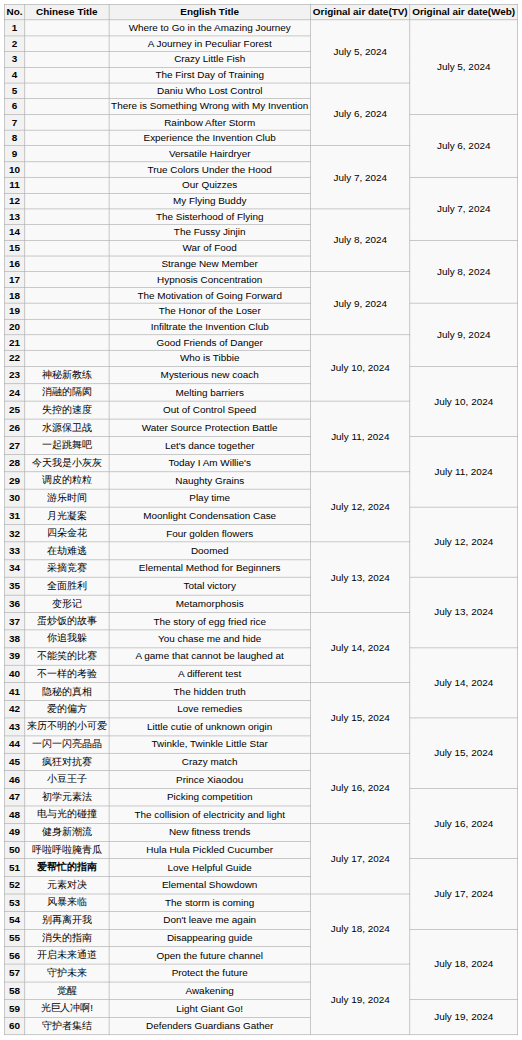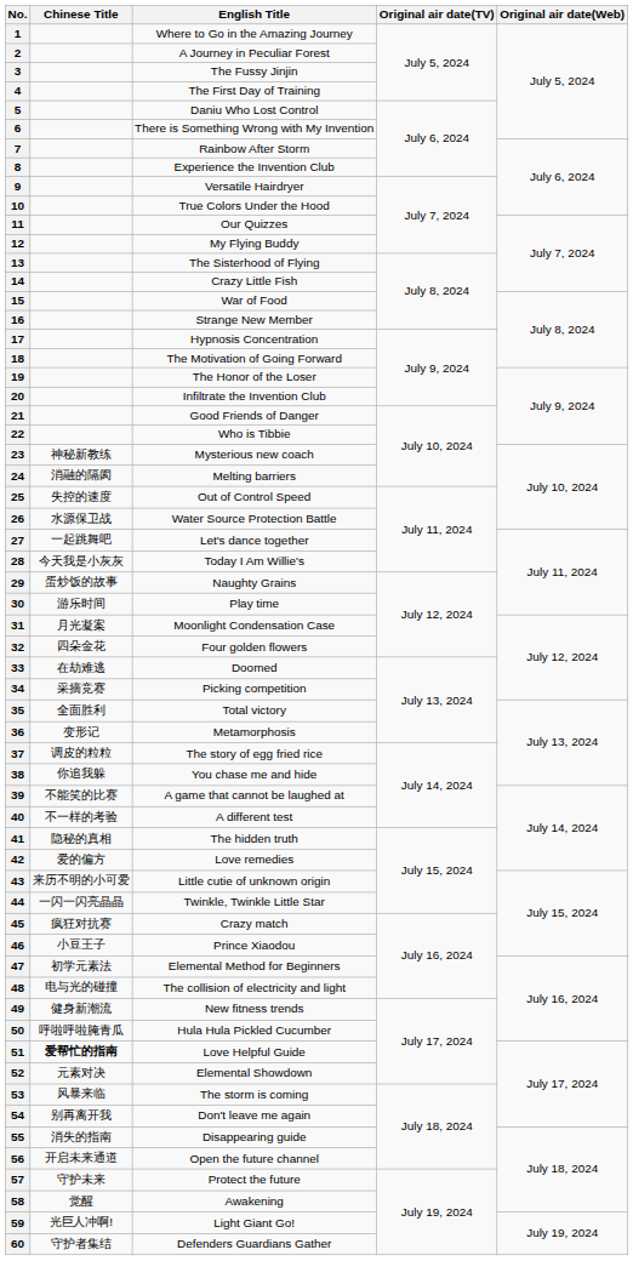 <table class="wikitable" style="text-align:center;">
 <tr>
 <th>No.</th>
 <th>Chinese Title</th>
 <th>English Title</th>
 <th>Original air date(TV)</th>
 <th>Original air date(Web)</th>
 </tr>
 <tr>
 <th>1</th>
 <td></td>
 <td>Where to Go in the Amazing Journey</td>
 <td rowspan="4">July 5, 2024</td>
 <td rowspan="6">July 5, 2024</td>
 </tr>
 <tr>
 <th>2</th>
 <td></td>
 <td>A Journey in Peculiar Forest</td>
 </tr>
 <tr>
 <th>3</th>
 <td></td>
-<td>Crazy Little Fish</td>
+<td>The Fussy Jinjin</td>
 </tr>
 <tr>
 <th>4</th>
 <td></td>
 <td>The First Day of Training</td>
 </tr>
 <tr>
 <th>5</th>
 <td></td>
 <td>Daniu Who Lost Control</td>
 <td rowspan="4">July 6, 2024</td>
 </tr>
 <tr>
 <th>6</th>
 <td></td>
 <td>There is Something Wrong with My Invention</td>
 </tr>
 <tr>
 <th>7</th>
 <td></td>
 <td>Rainbow After Storm</td>
 <td rowspan="4">July 6, 2024</td>
 </tr>
 <tr>
 <th>8</th>
 <td></td>
 <td>Experience the Invention Club</td>
 </tr>
 <tr>
 <th>9</th>
 <td></td>
 <td>Versatile Hairdryer</td>
 <td rowspan="4">July 7, 2024</td>
 </tr>
 <tr>
 <th>10</th>
 <td></td>
 <td>True Colors Under the Hood</td>
 </tr>
 <tr>
 <th>11</th>
 <td></td>
 <td>Our Quizzes</td>
 <td rowspan="4">July 7, 2024</td>
 </tr>
 <tr>
 <th>12</th>
 <td></td>
 <td>My Flying Buddy</td>
 </tr>
 <tr>
 <th>13</th>
 <td></td>
 <td>The Sisterhood of Flying</td>
 <td rowspan="4">July 8, 2024</td>
 </tr>
 <tr>
 <th>14</th>
 <td></td>
-<td>The Fussy Jinjin</td>
+<td>Crazy Little Fish</td>
 </tr>
 <tr>
 <th>15</th>
 <td></td>
 <td>War of Food</td>
 <td rowspan="4">July 8, 2024</td>
 </tr>
 <tr>
 <th>16</th>
 <td></td>
 <td>Strange New Member</td>
 </tr>
 <tr>
 <th>17</th>
 <td></td>
 <td>Hypnosis Concentration</td>
 <td rowspan="4">July 9, 2024</td>
 </tr>
 <tr>
 <th>18</th>
 <td></td>
 <td>The Motivation of Going Forward</td>
 </tr>
 <tr>
 <th>19</th>
 <td></td>
 <td>The Honor of the Loser</td>
 <td rowspan="4">July 9, 2024</td>
 </tr>
 <tr>
 <th>20</th>
 <td></td>
 <td>Infiltrate the Invention Club</td>
 </tr>
 <tr>
 <th>21</th>
 <td></td>
 <td>Good Friends of Danger</td>
 <td rowspan="4">July 10, 2024</td>
 </tr>
 <tr>
 <th>22</th>
 <td></td>
 <td>Who is Tibbie</td>
 </tr>
 <tr>
 <th>23</th>
 <td>神秘新教练</td>
 <td>Mysterious new coach</td>
 <td rowspan="4">July 10, 2024</td>
 </tr>
 <tr>
 <th>24</th>
 <td>消融的隔阂</td>
 <td>Melting barriers</td>
 </tr>
 <tr>
 <th>25</th>
 <td>失控的速度</td>
 <td>Out of Control Speed</td>
 <td rowspan="4">July 11, 2024</td>
 </tr>
 <tr>
 <th>26</th>
 <td>水源保卫战</td>
 <td>Water Source Protection Battle</td>
 </tr>
 <tr>
 <th>27</th>
 <td>一起跳舞吧</td>
 <td>Let's dance together</td>
 <td rowspan="4">July 11, 2024</td>
 </tr>
 <tr>
 <th>28</th>
 <td>今天我是小灰灰</td>
 <td>Today I Am Willie's</td>
 </tr>
 <tr>
 <th>29</th>
-<td>调皮的粒粒</td>
+<td>蛋炒饭的故事</td>
 <td>Naughty Grains</td>
 <td rowspan="4">July 12, 2024</td>
 </tr>
 <tr>
 <th>30</th>
 <td>游乐时间</td>
 <td>Play time</td>
 </tr>
 <tr>
 <th>31</th>
 <td>月光凝案</td>
 <td>Moonlight Condensation Case</td>
 <td rowspan="4">July 12, 2024</td>
 </tr>
 <tr>
 <th>32</th>
 <td>四朵金花</td>
 <td>Four golden flowers</td>
 </tr>
 <tr>
 <th>33</th>
 <td>在劫难逃</td>
 <td>Doomed</td>
 <td rowspan="4">July 13, 2024</td>
 </tr>
 <tr>
 <th>34</th>
 <td>采摘竞赛</td>
-<td>Elemental Method for Beginners</td>
+<td>Picking competition</td>
 </tr>
 <tr>
 <th>35</th>
 <td>全面胜利</td>
 <td>Total victory</td>
 <td rowspan="4">July 13, 2024</td>
 </tr>
 <tr>
 <th>36</th>
 <td>变形记</td>
 <td>Metamorphosis</td>
 </tr>
 <tr>
 <th>37</th>
-<td>蛋炒饭的故事</td>
+<td>调皮的粒粒</td>
 <td>The story of egg fried rice</td>
 <td rowspan="4">July 14, 2024</td>
 </tr>
 <tr>
 <th>38</th>
 <td>你追我躲</td>
 <td>You chase me and hide</td>
 </tr>
 <tr>
 <th>39</th>
 <td>不能笑的比赛</td>
 <td>A game that cannot be laughed at</td>
 <td rowspan="4">July 14, 2024</td>
 </tr>
 <tr>
 <th>40</th>
 <td>不一样的考验</td>
 <td>A different test</td>
 </tr>
 <tr>
 <th>41</th>
 <td>隐秘的真相</td>
 <td>The hidden truth</td>
 <td rowspan="4">July 15, 2024</td>
 </tr>
 <tr>
 <th>42</th>
 <td>爱的偏方</td>
 <td>Love remedies</td>
 </tr>
 <tr>
 <th>43</th>
 <td>来历不明的小可爱</td>
 <td>Little cutie of unknown origin</td>
 <td rowspan="4">July 15, 2024</td>
 </tr>
 <tr>
 <th>44</th>
 <td>一闪一闪亮晶晶</td>
 <td>Twinkle, Twinkle Little Star</td>
 </tr>
 <tr>
 <th>45</th>
 <td>疯狂对抗赛</td>
 <td>Crazy match</td>
 <td rowspan="4">July 16, 2024</td>
 </tr>
 <tr>
 <th>46</th>
 <td>小豆王子</td>
 <td>Prince Xiaodou</td>
 </tr>
 <tr>
 <th>47</th>
 <td>初学元素法</td>
-<td>Picking competition</td>
+<td>Elemental Method for Beginners</td>
 <td rowspan="4">July 16, 2024</td>
 </tr>
 <tr>
 <th>48</th>
 <td>电与光的碰撞</td>
 <td>The collision of electricity and light</td>
 </tr>
 <tr>
 <th>49</th>
 <td>健身新潮流</td>
 <td>New fitness trends</td>
 <td rowspan="4">July 17, 2024</td>
 </tr>
 <tr>
 <th>50</th>
 <td>呼啦呼啦腌青瓜</td>
 <td>Hula Hula Pickled Cucumber</td>
 </tr>
 <tr>
 <th>51</th>
 <td><strong>爱帮忙的指南</strong></td>
 <td>Love Helpful Guide</td>
 <td rowspan="4">July 17, 2024</td>
 </tr>
 <tr>
 <th>52</th>
 <td>元素对决</td>
 <td>Elemental Showdown</td>
 </tr>
 <tr>
 <th>53</th>
 <td>风暴来临</td>
 <td>The storm is coming</td>
 <td rowspan="4">July 18, 2024</td>
 </tr>
 <tr>
 <th>54</th>
 <td>别再离开我</td>
 <td>Don't leave me again</td>
 </tr>
 <tr>
 <th>55</th>
 <td>消失的指南</td>
 <td>Disappearing guide</td>
 <td rowspan="4">July 18, 2024</td>
 </tr>
 <tr>
 <th>56</th>
 <td>开启未来通道</td>
 <td>Open the future channel</td>
 </tr>
 <tr>
 <th>57</th>
 <td>守护未来</td>
 <td>Protect the future</td>
 <td rowspan="4">July 19, 2024</td>
 </tr>
 <tr>
 <th>58</th>
 <td>觉醒</td>
 <td>Awakening</td>
 </tr>
 <tr>
 <th>59</th>
 <td>光巨人冲啊!</td>
 <td>Light Giant Go!</td>
 <td rowspan="2">July 19, 2024</td>
 </tr>
 <tr>
 <th>60</th>
 <td>守护者集结</td>
 <td>Defenders Guardians Gather</td>
 </tr>
 </table>
